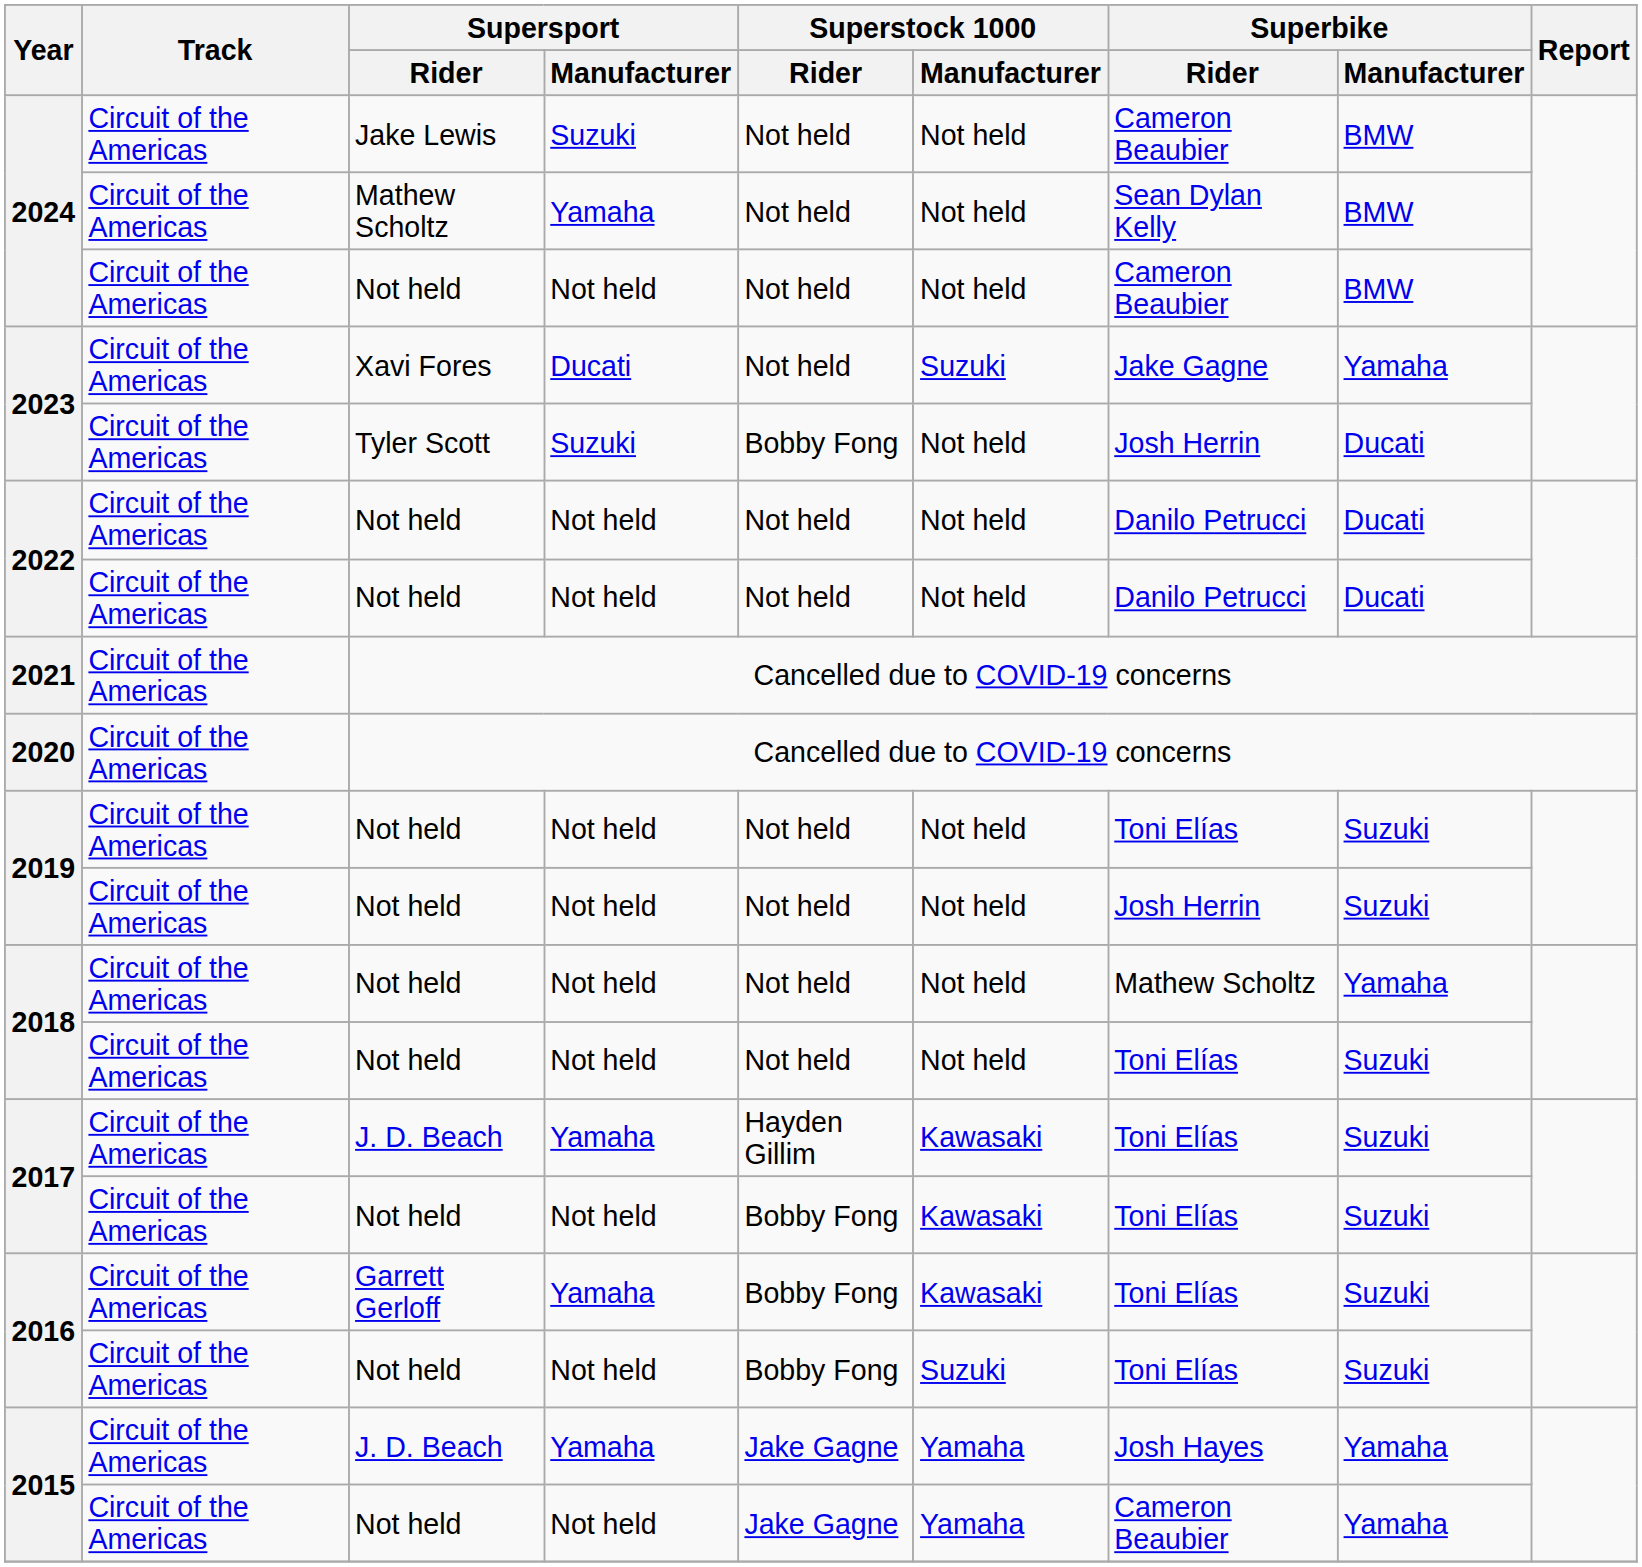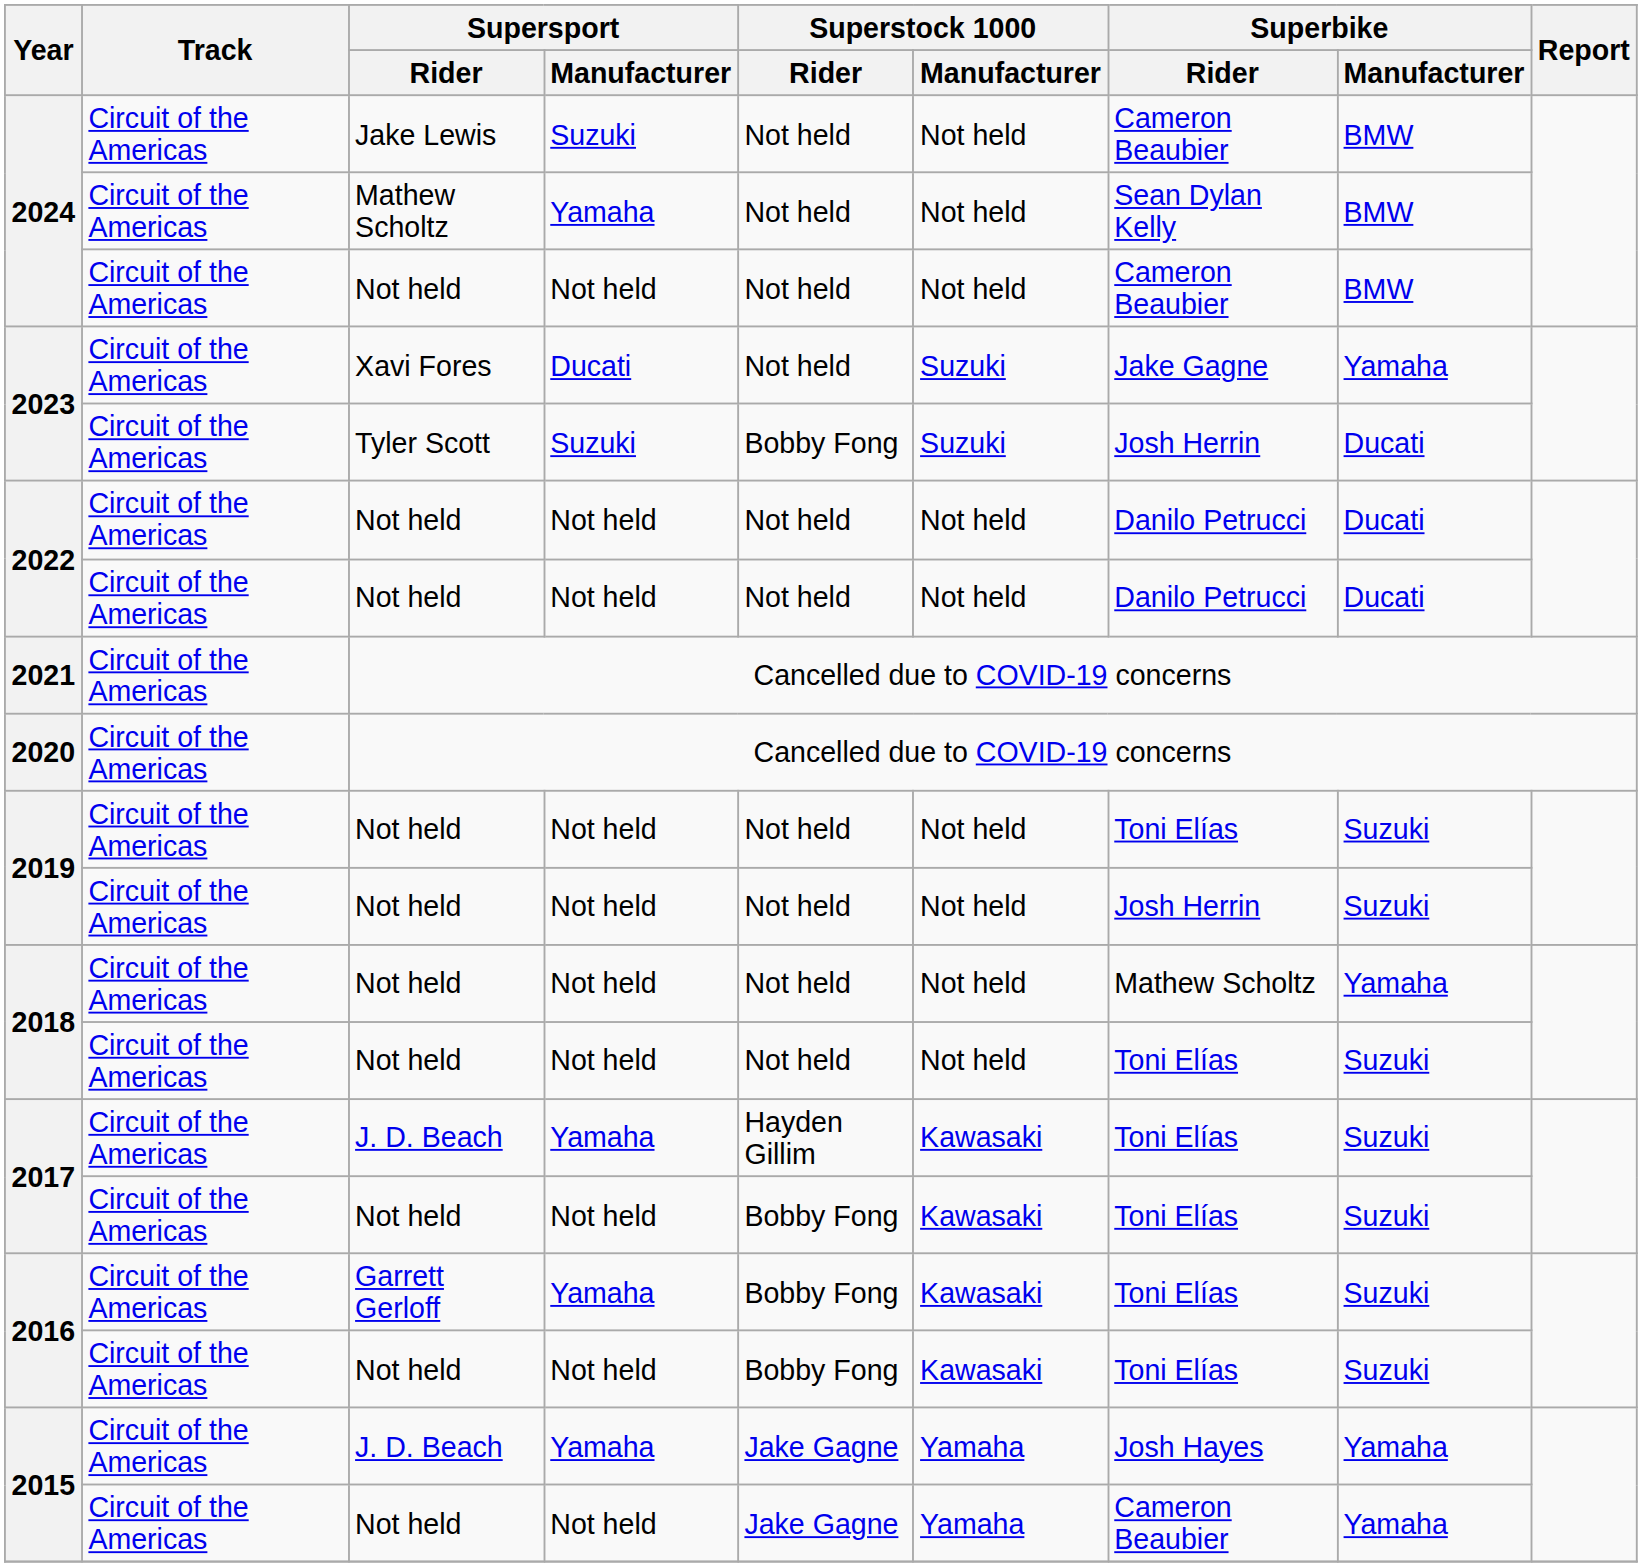 <table class="wikitable" style="font-size: 95%;">
 <tr>
 <th rowspan=2>Year</th>
 <th rowspan=2>Track</th>
 <th colspan=2>Supersport</th>
 <th colspan=2>Superstock 1000</th>
 <th colspan=2>Superbike</th>
 <th rowspan=2>Report</th>
 </tr>
 <tr>
 <th>Rider</th>
 <th>Manufacturer</th>
 <th>Rider</th>
 <th>Manufacturer</th>
 <th>Rider</th>
 <th>Manufacturer</th>
 </tr>
 <tr>
 <th rowspan=3>2024</th>
 <td><a href='#'>Circuit of the Americas</a></td>
 <td> Jake Lewis</td>
 <td><a href='#'>Suzuki</a></td>
 <td>Not held</td>
 <td>Not held</td>
 <td> <a href='#'>Cameron Beaubier</a></td>
 <td><a href='#'>BMW</a></td>
 <td rowspan="3"><br>   </td>
 </tr>
 <tr>
 <td><a href='#'>Circuit of the Americas</a></td>
 <td> Mathew Scholtz</td>
 <td><a href='#'>Yamaha</a></td>
 <td>Not held</td>
 <td>Not held</td>
 <td> <a href='#'>Sean Dylan Kelly</a></td>
 <td><a href='#'>BMW</a></td>
 </tr>
 <tr>
 <td><a href='#'>Circuit of the Americas</a></td>
 <td>Not held</td>
 <td>Not held</td>
 <td>Not held</td>
 <td>Not held</td>
 <td> <a href='#'>Cameron Beaubier</a></td>
 <td><a href='#'>BMW</a></td>
 </tr>
 <tr>
 <th rowspan=2>2023</th>
 <td><a href='#'>Circuit of the Americas</a></td>
 <td> Xavi Fores</td>
 <td><a href='#'>Ducati</a></td>
 <td>Not held</td>
 <td><a href='#'>Suzuki</a></td>
 <td> <a href='#'>Jake Gagne</a></td>
 <td><a href='#'>Yamaha</a></td>
 <td rowspan="2"><br>      </td>
 </tr>
 <tr>
 <td><a href='#'>Circuit of the Americas</a></td>
 <td> Tyler Scott</td>
 <td><a href='#'>Suzuki</a></td>
 <td> Bobby Fong</td>
-<td>Not held</td>
+<td><a href='#'>Suzuki</a></td>
 <td> <a href='#'>Josh Herrin</a></td>
 <td><a href='#'>Ducati</a></td>
 </tr>
 <tr>
 <th rowspan=2>2022</th>
 <td><a href='#'>Circuit of the Americas</a></td>
 <td>Not held</td>
 <td>Not held</td>
 <td>Not held</td>
 <td>Not held</td>
 <td> <a href='#'>Danilo Petrucci</a></td>
 <td><a href='#'>Ducati</a></td>
 <td rowspan="2"><br></td>
 </tr>
 <tr>
 <td><a href='#'>Circuit of the Americas</a></td>
 <td>Not held</td>
 <td>Not held</td>
 <td>Not held</td>
 <td>Not held</td>
 <td> <a href='#'>Danilo Petrucci</a></td>
 <td><a href='#'>Ducati</a></td>
 </tr>
 <tr>
 <th>2021</th>
 <td><a href='#'>Circuit of the Americas</a></td>
 <td align=center colspan=7>Cancelled due to <a href='#'>COVID-19</a> concerns</td>
 </tr>
 <tr>
 <th>2020</th>
 <td><a href='#'>Circuit of the Americas</a></td>
 <td align=center colspan=7>Cancelled due to <a href='#'>COVID-19</a> concerns</td>
 </tr>
 <tr>
 <th ! rowspan="2">2019</th>
 <td><a href='#'>Circuit of the Americas</a></td>
 <td>Not held</td>
 <td>Not held</td>
 <td>Not held</td>
 <td>Not held</td>
 <td> <a href='#'>Toni Elías</a></td>
 <td><a href='#'>Suzuki</a></td>
 <td rowspan="2"><br></td>
 </tr>
 <tr>
 <td><a href='#'>Circuit of the Americas</a></td>
 <td>Not held</td>
 <td>Not held</td>
 <td>Not held</td>
 <td>Not held</td>
 <td> <a href='#'>Josh Herrin</a></td>
 <td><a href='#'>Suzuki</a></td>
 </tr>
 <tr>
 <th rowspan="2">2018</th>
 <td><a href='#'>Circuit of the Americas</a></td>
 <td>Not held</td>
 <td>Not held</td>
 <td>Not held</td>
 <td>Not held</td>
 <td> Mathew Scholtz</td>
 <td><a href='#'>Yamaha</a></td>
 <td rowspan="2"></td>
 </tr>
 <tr>
 <td><a href='#'>Circuit of the Americas</a></td>
 <td>Not held</td>
 <td>Not held</td>
 <td>Not held</td>
 <td>Not held</td>
 <td> <a href='#'>Toni Elías</a></td>
 <td><a href='#'>Suzuki</a></td>
 </tr>
 <tr>
 <th rowspan="2">2017</th>
 <td><a href='#'>Circuit of the Americas</a></td>
 <td> <a href='#'>J. D. Beach</a></td>
 <td><a href='#'>Yamaha</a></td>
 <td> Hayden Gillim</td>
 <td><a href='#'>Kawasaki</a></td>
 <td> <a href='#'>Toni Elías</a></td>
 <td><a href='#'>Suzuki</a></td>
 <td rowspan="2"></td>
 </tr>
 <tr>
 <td><a href='#'>Circuit of the Americas</a></td>
 <td>Not held</td>
 <td>Not held</td>
 <td> Bobby Fong</td>
 <td><a href='#'>Kawasaki</a></td>
 <td> <a href='#'>Toni Elías</a></td>
 <td><a href='#'>Suzuki</a></td>
 </tr>
 <tr>
 <th rowspan="2">2016</th>
 <td><a href='#'>Circuit of the Americas</a></td>
 <td> <a href='#'>Garrett Gerloff</a></td>
 <td><a href='#'>Yamaha</a></td>
 <td> Bobby Fong</td>
 <td><a href='#'>Kawasaki</a></td>
 <td> <a href='#'>Toni Elías</a></td>
 <td><a href='#'>Suzuki</a></td>
 <td ! rowspan="2"></td>
 </tr>
 <tr>
 <td><a href='#'>Circuit of the Americas</a></td>
 <td>Not held</td>
 <td>Not held</td>
 <td> Bobby Fong</td>
-<td><a href='#'>Suzuki</a></td>
+<td><a href='#'>Kawasaki</a></td>
 <td> <a href='#'>Toni Elías</a></td>
 <td><a href='#'>Suzuki</a></td>
 </tr>
 <tr>
 <th rowspan="2">2015</th>
 <td><a href='#'>Circuit of the Americas</a></td>
 <td> <a href='#'>J. D. Beach</a></td>
 <td><a href='#'>Yamaha</a></td>
 <td> <a href='#'>Jake Gagne</a></td>
 <td><a href='#'>Yamaha</a></td>
 <td> <a href='#'>Josh Hayes</a></td>
 <td><a href='#'>Yamaha</a></td>
 <td rowspan="2"></td>
 </tr>
 <tr>
 <td><a href='#'>Circuit of the Americas</a></td>
 <td>Not held</td>
 <td>Not held</td>
 <td> <a href='#'>Jake Gagne</a></td>
 <td><a href='#'>Yamaha</a></td>
 <td> <a href='#'>Cameron Beaubier</a></td>
 <td><a href='#'>Yamaha</a></td>
 </tr>
 <tr>
 </tr>
 </table>
